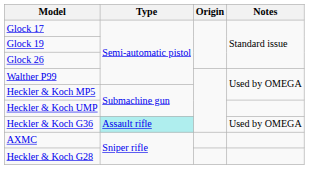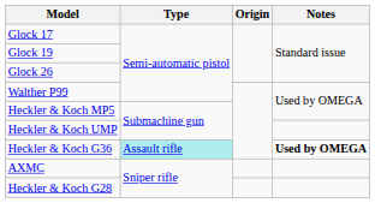 <table class="wikitable">
 <tr>
 <th>Model</th>
 <th>Type</th>
 <th>Origin</th>
 <th>Notes</th>
 </tr>
 <tr>
 <td><a href='#'>Glock 17</a></td>
 <td rowspan="4"><a href='#'>Semi-automatic pistol</a></td>
 <td rowspan="3"></td>
 <td rowspan="3">Standard issue</td>
 </tr>
 <tr>
 <td><a href='#'>Glock 19</a></td>
 </tr>
 <tr>
 <td><a href='#'>Glock 26</a></td>
 </tr>
 <tr>
 <td><a href='#'>Walther P99</a></td>
 <td rowspan="4"></td>
 <td rowspan="2">Used by OMEGA</td>
 </tr>
 <tr>
 <td><a href='#'>Heckler & Koch MP5</a></td>
 <td rowspan="2"><a href='#'>Submachine gun</a></td>
 </tr>
 <tr>
 <td><a href='#'>Heckler & Koch UMP</a></td>
 <td></td>
 </tr>
 <tr>
 <td><a href='#'>Heckler & Koch G36</a></td>
 <td style="background: paleturquoise;"><a href='#'>Assault rifle</a></td>
-<td>Used by OMEGA</td>
+<td><strong>Used by OMEGA</strong></td>
 </tr>
 <tr>
 <td><a href='#'>AXMC</a></td>
 <td rowspan="2"><a href='#'>Sniper rifle</a></td>
 <td></td>
 <td></td>
 </tr>
 <tr>
 <td><a href='#'>Heckler & Koch G28</a></td>
 <td></td>
 <td></td>
 </tr>
 </table>
